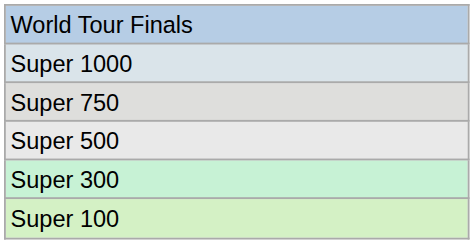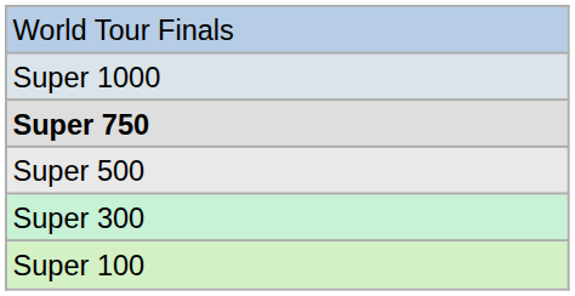 <table class="wikitable"style="font-size:80%; width:20%">
 <tr bgcolor="#b6cde5">
 <td>World Tour Finals</td>
 </tr>
 <tr bgcolor="#dae4ea">
 <td>Super 1000</td>
 </tr>
 <tr bgcolor="#dededc">
-<td>Super 750</td>
+<td><strong>Super 750</strong></td>
 </tr>
 <tr bgcolor="#e9e9e9">
 <td>Super 500</td>
 </tr>
 <tr bgcolor="#c7f2d5">
 <td>Super 300</td>
 </tr>
 <tr bgcolor="#d4f1c5">
 <td>Super 100</td>
 </tr>
 </table>
